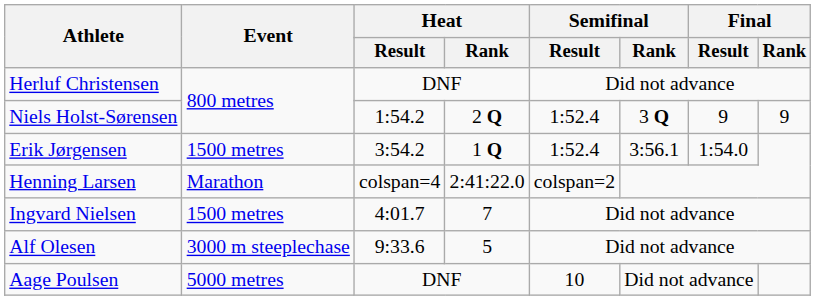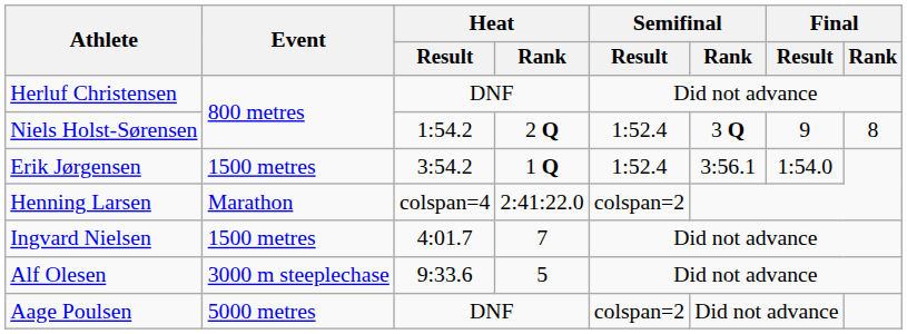 <table class="wikitable" style="font-size:90%">
 <tr>
 <th rowspan="2">Athlete</th>
 <th rowspan="2">Event</th>
 <th colspan="2">Heat</th>
 <th colspan="2">Semifinal</th>
 <th colspan="2">Final</th>
 </tr>
 <tr style="font-size:95%">
 <th>Result</th>
 <th>Rank</th>
 <th>Result</th>
 <th>Rank</th>
 <th>Result</th>
 <th>Rank</th>
 </tr>
 <tr align=center>
 <td align=left><a href='#'>Herluf Christensen</a></td>
 <td align=left rowspan=2><a href='#'>800 metres</a></td>
 <td colspan=2>DNF</td>
 <td colspan=4>Did not advance</td>
 </tr>
 <tr align=center>
 <td align=left rowspan=1><a href='#'>Niels Holst-Sørensen</a></td>
 <td>1:54.2</td>
 <td>2 <strong>Q</strong></td>
 <td>1:52.4</td>
 <td>3 <strong>Q</strong></td>
 <td>9</td>
-<td>9</td>
+<td>8</td>
 </tr>
 <tr align=center>
 <td align=left><a href='#'>Erik Jørgensen</a></td>
 <td align=left><a href='#'>1500 metres</a></td>
 <td>3:54.2</td>
 <td>1 <strong>Q</strong></td>
 <td>1:52.4</td>
 <td>3:56.1</td>
 <td>1:54.0</td>
 </tr>
 <tr align=center>
 <td align=left><a href='#'>Henning Larsen</a></td>
 <td align=left><a href='#'>Marathon</a></td>
 <td>colspan=4 </td>
 <td>2:41:22.0</td>
 <td>colspan=2 </td>
 </tr>
 <tr align=center>
 <td align=left><a href='#'>Ingvard Nielsen</a></td>
 <td align=left><a href='#'>1500 metres</a></td>
 <td>4:01.7</td>
 <td>7</td>
 <td colspan=4>Did not advance</td>
 </tr>
 <tr align=center>
 <td align=left><a href='#'>Alf Olesen</a></td>
 <td align=left><a href='#'>3000 m steeplechase</a></td>
 <td>9:33.6</td>
 <td>5</td>
 <td colspan=4>Did not advance</td>
 </tr>
 <tr align=center>
 <td align=left><a href='#'>Aage Poulsen</a></td>
 <td align=left><a href='#'>5000 metres</a></td>
 <td colspan=2>DNF</td>
-<td>10</td>
+<td>colspan=2 </td>
 <td colspan=2>Did not advance</td>
 </tr>
 </table>
